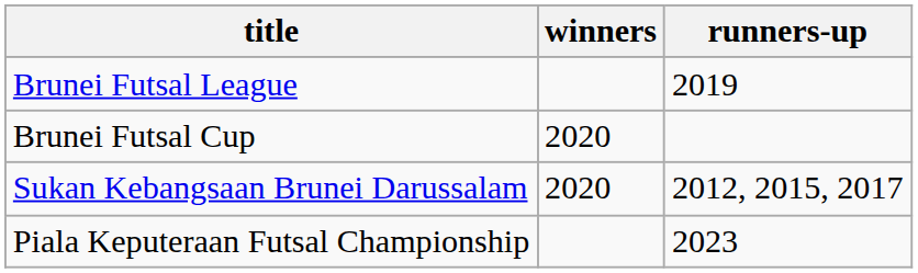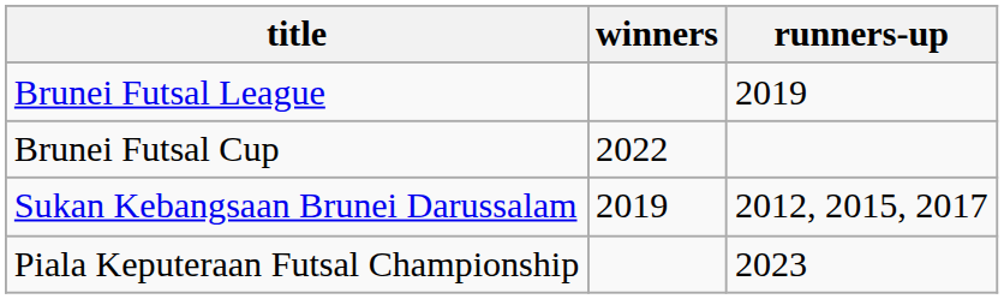 <table class="wikitable sortable" style=valign:top>
 <tr>
 <th>title</th>
 <th>winners</th>
 <th>runners-up</th>
 </tr>
 <tr>
 <td><a href='#'>Brunei Futsal League</a></td>
 <td></td>
 <td>2019</td>
 </tr>
 <tr>
 <td>Brunei Futsal Cup</td>
-<td>2020</td>
+<td>2022</td>
 <td></td>
 </tr>
 <tr>
 <td><a href='#'>Sukan Kebangsaan Brunei Darussalam</a></td>
-<td>2020</td>
+<td>2019</td>
 <td>2012, 2015, 2017</td>
 </tr>
 <tr>
 <td>Piala Keputeraan Futsal Championship</td>
 <td></td>
 <td>2023</td>
 </tr>
 </table>
